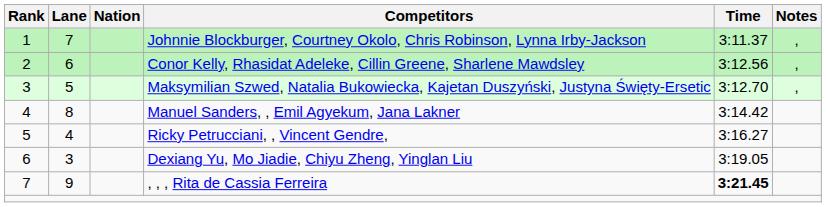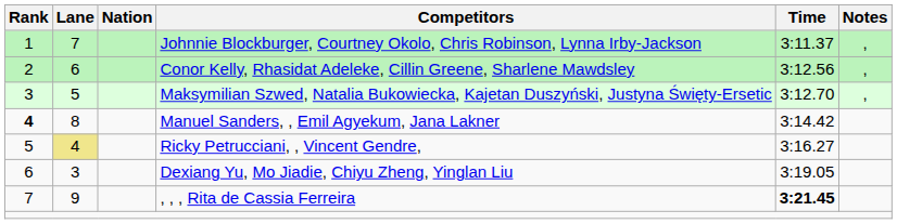 <table class="wikitable sortable" style="text-align:center">
 <tr>
 <th scope="col" style="width: 10px;">Rank</th>
 <th scope="col" style="width: 10px;">Lane</th>
 <th scope="col">Nation</th>
 <th scope="col">Competitors</th>
 <th scope="col">Time</th>
 <th scope="col">Notes</th>
 </tr>
 <tr bgcolor="#bbf3bb">
 <td>1</td>
 <td>7</td>
 <td align="left"></td>
 <td align="left"><a href='#'>Johnnie Blockburger</a>, <a href='#'>Courtney Okolo</a>, <a href='#'>Chris Robinson</a>, <a href='#'>Lynna Irby-Jackson</a></td>
 <td>3:11.37</td>
 <td>, </td>
 </tr>
 <tr bgcolor="#bbf3bb">
 <td>2</td>
 <td>6</td>
 <td align="left"></td>
 <td align="left"><a href='#'>Conor Kelly</a>, <a href='#'>Rhasidat Adeleke</a>, <a href='#'>Cillin Greene</a>, <a href='#'>Sharlene Mawdsley</a></td>
 <td>3:12.56</td>
 <td>, </td>
 </tr>
 <tr bgcolor=ddffdd>
 <td>3</td>
 <td>5</td>
 <td align="left"></td>
 <td align="left"><a href='#'>Maksymilian Szwed</a>, <a href='#'>Natalia Bukowiecka</a>, <a href='#'>Kajetan Duszyński</a>, <a href='#'>Justyna Święty-Ersetic</a></td>
 <td>3:12.70</td>
 <td>, </td>
 </tr>
 <tr>
-<td>4</td>
+<td><strong>4</strong></td>
 <td>8</td>
 <td align="left"></td>
 <td align="left"><a href='#'>Manuel Sanders</a>, , <a href='#'>Emil Agyekum</a>, <a href='#'>Jana Lakner</a></td>
 <td>3:14.42</td>
 <td></td>
 </tr>
 <tr>
 <td>5</td>
-<td>4</td>
+<td style="background: khaki;">4</td>
 <td align="left"></td>
 <td align="left"><a href='#'>Ricky Petrucciani</a>, , <a href='#'>Vincent Gendre</a>, </td>
 <td>3:16.27</td>
 <td></td>
 </tr>
 <tr>
 <td>6</td>
 <td>3</td>
 <td align="left"></td>
 <td align="left"><a href='#'>Dexiang Yu</a>, <a href='#'>Mo Jiadie</a>, <a href='#'>Chiyu Zheng</a>, <a href='#'>Yinglan Liu</a></td>
 <td>3:19.05</td>
 <td></td>
 </tr>
 <tr>
 <td>7</td>
 <td>9</td>
 <td align="left"></td>
 <td align="left">, , , <a href='#'>Rita de Cassia Ferreira</a></td>
 <td><strong>3:21.45</strong></td>
 <td></td>
 </tr>
 <tr class="sortbottom">
 <td colspan="6"></td>
 </tr>
 </table>
